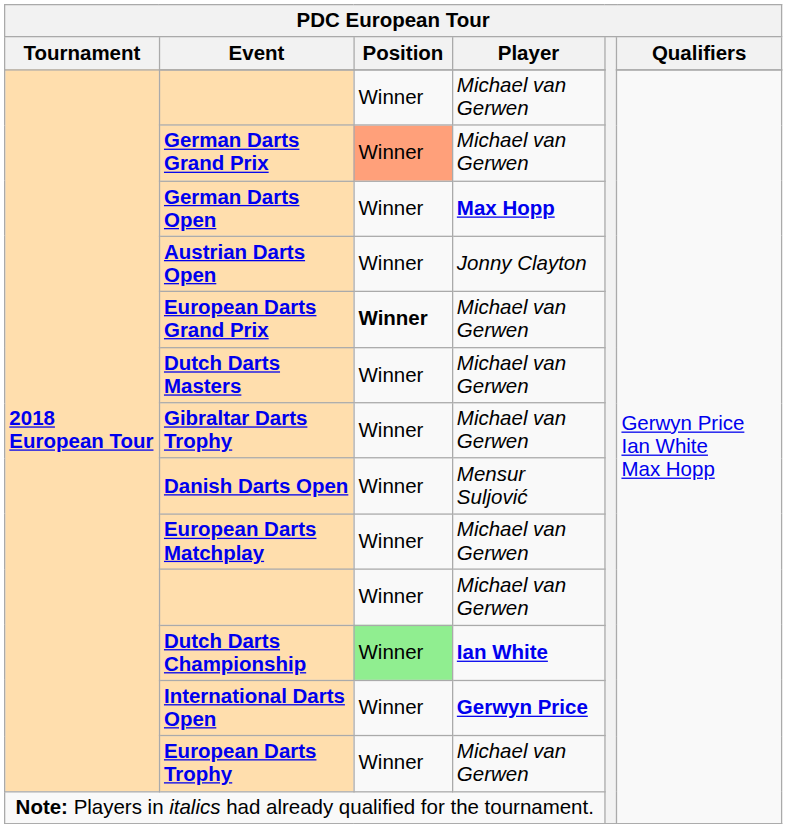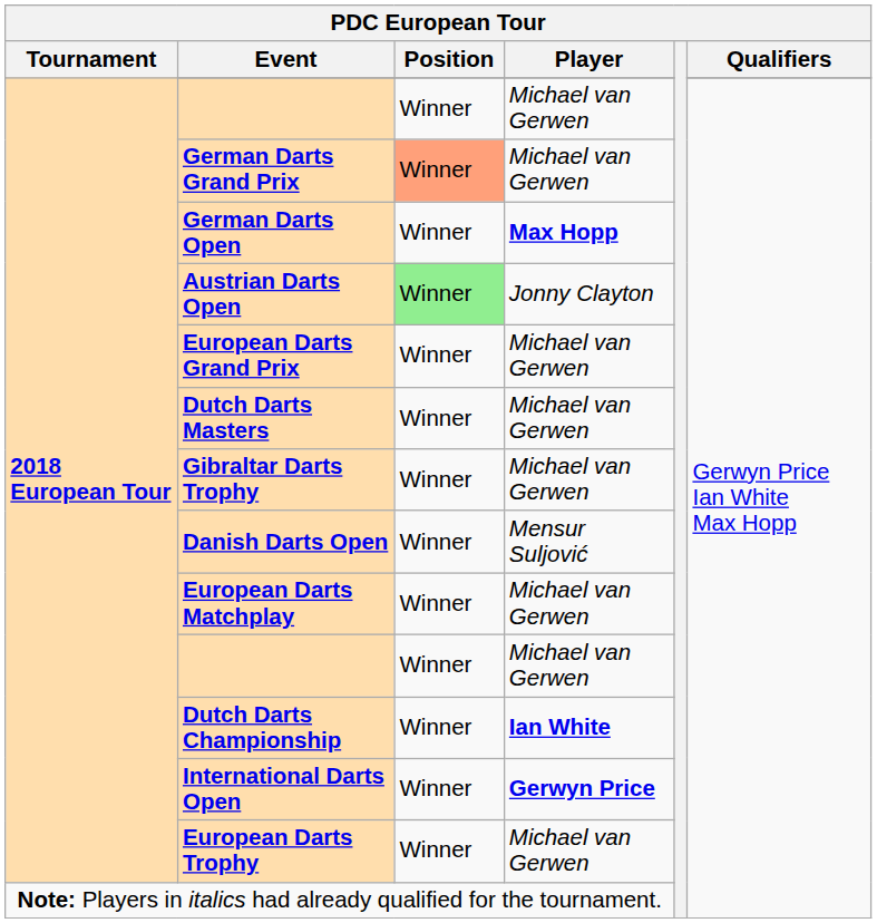 <table class="wikitable">
 <tr>
 <th colspan=6>PDC European Tour</th>
 </tr>
 <tr>
 <th width=150>Tournament</th>
 <th width=200>Event</th>
 <th width=80>Position</th>
 <th width=200>Player</th>
 <th rowspan=16 width=5></th>
 <th width=200>Qualifiers</th>
 </tr>
 <tr>
 <td rowspan=14 style="background:#ffdead;"><strong><a href='#'>2018 European Tour</a></strong></td>
 </tr>
 <tr>
 <td style="background:#ffdead;"></td>
 <td>Winner</td>
 <td> <em>Michael van Gerwen</em></td>
 <td rowspan=14> <a href='#'>Gerwyn Price</a> <br> <a href='#'>Ian White</a><br> <a href='#'>Max Hopp</a></td>
 </tr>
 <tr>
 <td style="background:#ffdead;"><strong><a href='#'>German Darts Grand Prix</a></strong></td>
 <td style="background: lightsalmon;">Winner</td>
 <td> <em>Michael van Gerwen</em></td>
 </tr>
 <tr>
 <td style="background:#ffdead;"><strong><a href='#'>German Darts Open</a></strong></td>
 <td>Winner</td>
 <td> <strong><a href='#'>Max Hopp</a></strong></td>
 </tr>
 <tr>
 <td style="background:#ffdead;"><strong><a href='#'>Austrian Darts Open</a></strong></td>
-<td>Winner</td>
+<td style="background: lightgreen;">Winner</td>
 <td> <em>Jonny Clayton</em></td>
 </tr>
 <tr>
 <td style="background:#ffdead;"><strong><a href='#'>European Darts Grand Prix</a></strong></td>
-<td><strong>Winner</strong></td>
+<td>Winner</td>
 <td> <em>Michael van Gerwen</em></td>
 </tr>
 <tr>
 <td style="background:#ffdead;"><strong><a href='#'>Dutch Darts Masters</a></strong></td>
 <td>Winner</td>
 <td> <em>Michael van Gerwen</em></td>
 </tr>
 <tr>
 <td style="background:#ffdead;"><strong><a href='#'>Gibraltar Darts Trophy</a></strong></td>
 <td>Winner</td>
 <td> <em>Michael van Gerwen</em></td>
 </tr>
 <tr>
 <td style="background:#ffdead;"><strong><a href='#'>Danish Darts Open</a></strong></td>
 <td>Winner</td>
 <td> <em>Mensur Suljović</em></td>
 </tr>
 <tr>
 <td style="background:#ffdead;"><strong><a href='#'>European Darts Matchplay</a></strong></td>
 <td>Winner</td>
 <td> <em>Michael van Gerwen</em></td>
 </tr>
 <tr>
 <td style="background:#ffdead;"></td>
 <td>Winner</td>
 <td> <em>Michael van Gerwen</em></td>
 </tr>
 <tr>
 <td style="background:#ffdead;"><strong><a href='#'>Dutch Darts Championship</a></strong></td>
-<td style="background: lightgreen;">Winner</td>
+<td>Winner</td>
 <td> <strong><a href='#'>Ian White</a></strong></td>
 </tr>
 <tr>
 <td style="background:#ffdead;"><strong><a href='#'>International Darts Open</a></strong></td>
 <td>Winner</td>
 <td> <strong><a href='#'>Gerwyn Price</a></strong></td>
 </tr>
 <tr>
 <td style="background:#ffdead;"><strong><a href='#'>European Darts Trophy</a></strong></td>
 <td>Winner</td>
 <td> <em>Michael van Gerwen</em></td>
 </tr>
 <tr>
 <td colspan=4 align=center><strong>Note:</strong> Players in <em>italics</em> had already qualified for the tournament.</td>
 </tr>
 <tr>
 </tr>
 </table>
